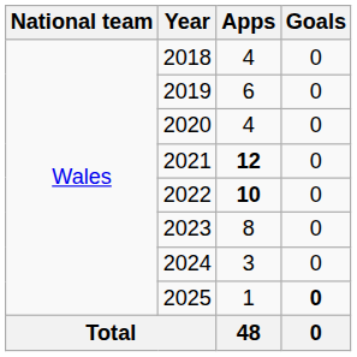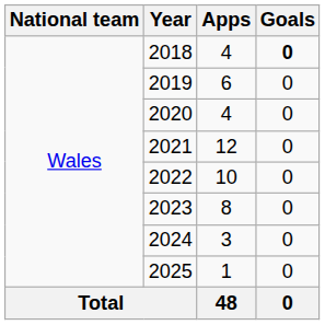 <table class=wikitable style=text-align:center>
 <tr>
 <th>National team</th>
 <th>Year</th>
 <th>Apps</th>
 <th>Goals</th>
 </tr>
 <tr>
 <td rowspan="8"><a href='#'>Wales</a></td>
 <td>2018</td>
 <td>4</td>
-<td>0</td>
+<td><strong>0</strong></td>
 </tr>
 <tr>
 <td>2019</td>
 <td>6</td>
 <td>0</td>
 </tr>
 <tr>
 <td>2020</td>
 <td>4</td>
 <td>0</td>
 </tr>
 <tr>
 <td>2021</td>
-<td><strong>12</strong></td>
+<td>12</td>
 <td>0</td>
 </tr>
 <tr>
 <td>2022</td>
-<td><strong>10</strong></td>
+<td>10</td>
 <td>0</td>
 </tr>
 <tr>
 <td>2023</td>
 <td>8</td>
 <td>0</td>
 </tr>
 <tr>
 <td>2024</td>
 <td>3</td>
 <td>0</td>
 </tr>
 <tr>
 <td>2025</td>
 <td>1</td>
-<td><strong>0</strong></td>
+<td>0</td>
 </tr>
 <tr>
 <th colspan="2">Total</th>
 <th>48</th>
 <th>0</th>
 </tr>
 </table>
